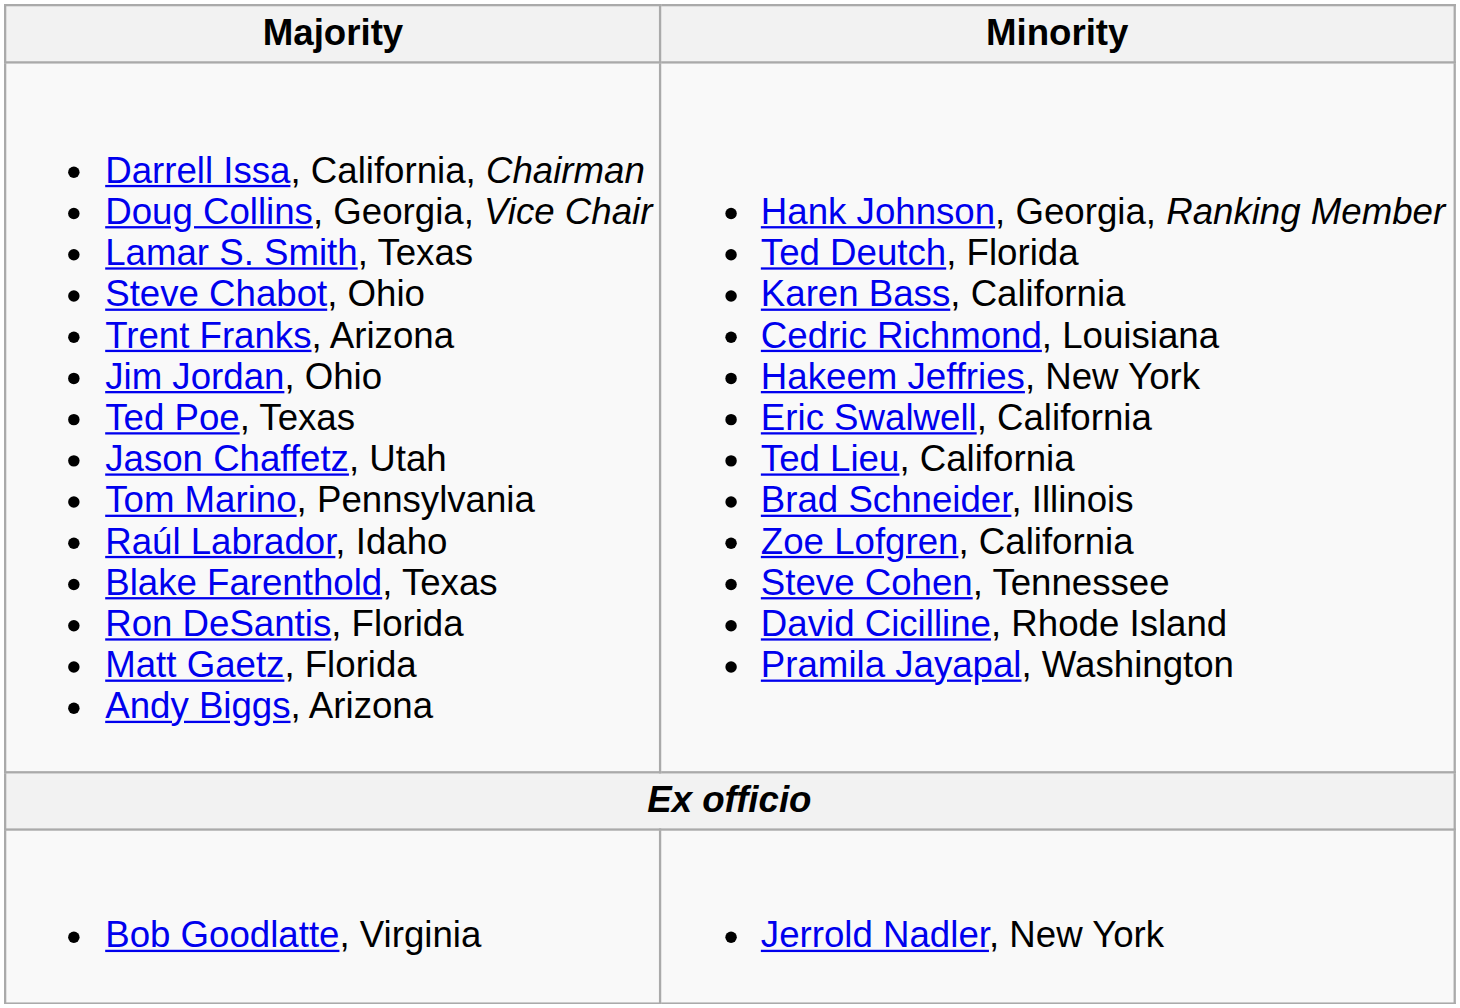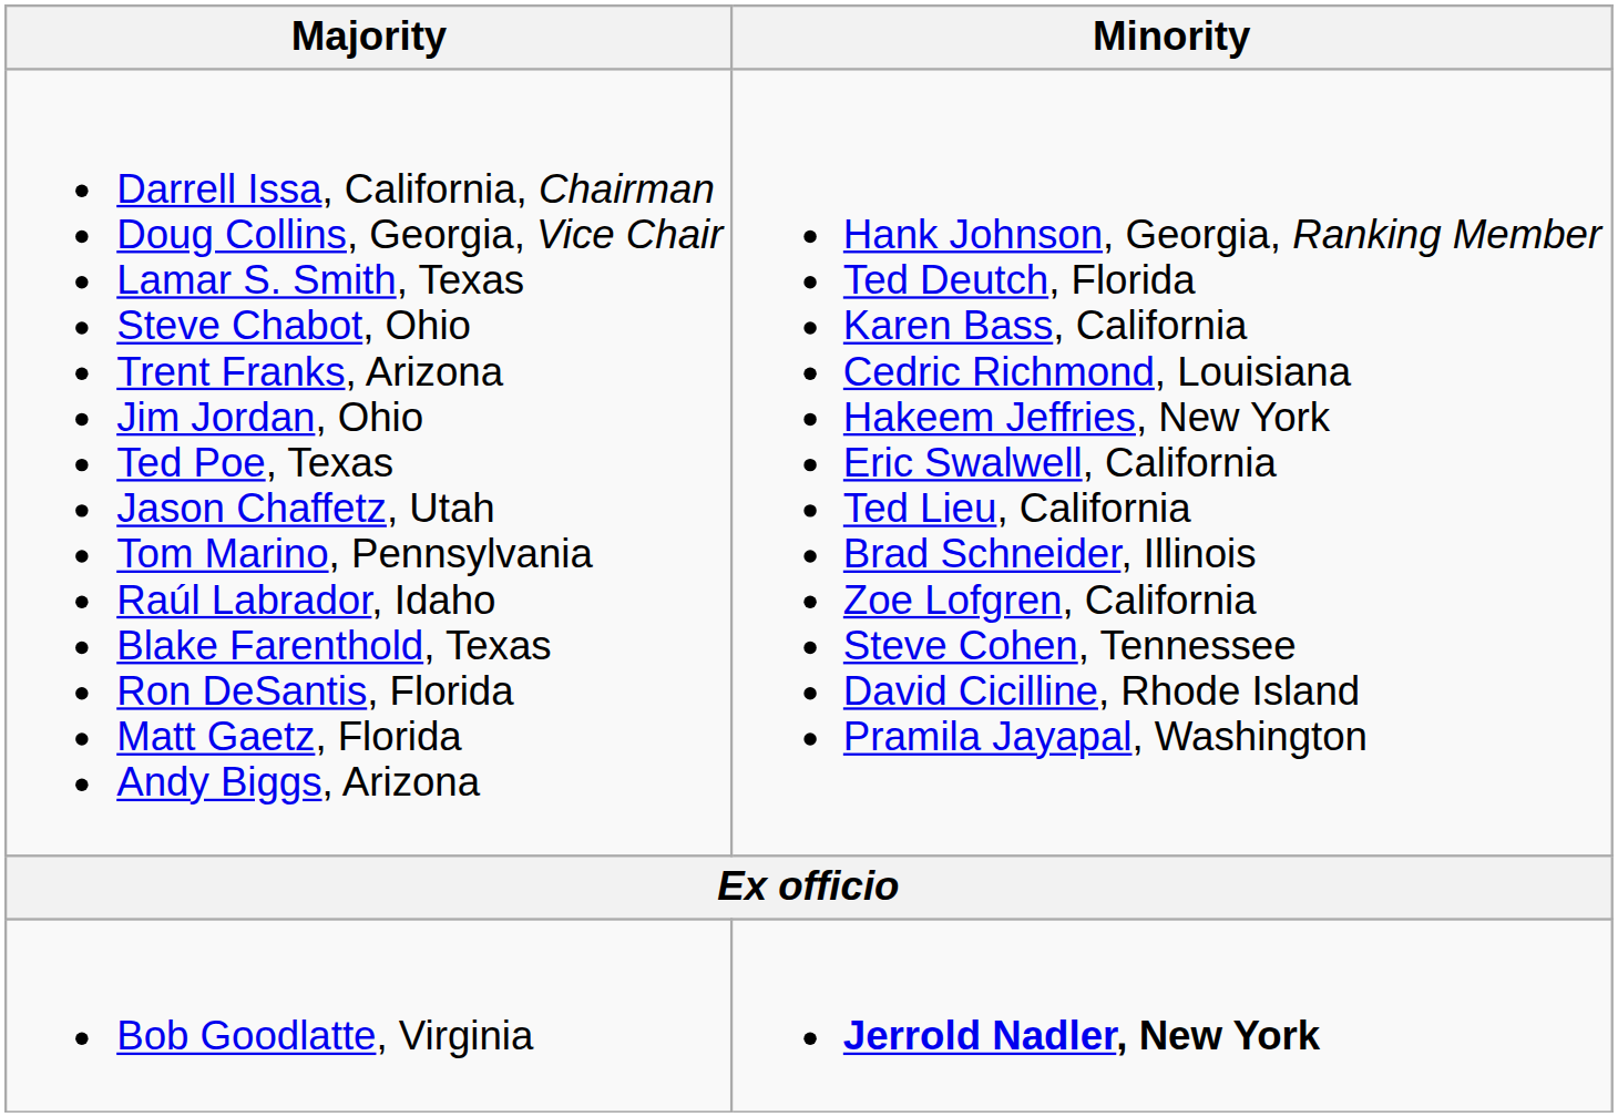 <table class=wikitable>
 <tr>
 <th>Majority</th>
 <th>Minority</th>
 </tr>
 <tr>
 <td><br><ul><li><a href='#'>Darrell Issa</a>, California, <em>Chairman</em></li><li><a href='#'>Doug Collins</a>, Georgia, <em>Vice Chair</em></li><li><a href='#'>Lamar S. Smith</a>, Texas</li><li><a href='#'>Steve Chabot</a>, Ohio</li><li><a href='#'>Trent Franks</a>, Arizona</li><li><a href='#'>Jim Jordan</a>, Ohio</li><li><a href='#'>Ted Poe</a>, Texas</li><li><a href='#'>Jason Chaffetz</a>, Utah</li><li><a href='#'>Tom Marino</a>, Pennsylvania</li><li><a href='#'>Raúl Labrador</a>, Idaho</li><li><a href='#'>Blake Farenthold</a>, Texas</li><li><a href='#'>Ron DeSantis</a>, Florida</li><li><a href='#'>Matt Gaetz</a>, Florida</li><li><a href='#'>Andy Biggs</a>, Arizona</li></ul></td>
 <td><br><ul><li><a href='#'>Hank Johnson</a>, Georgia, <em>Ranking Member</em></li><li><a href='#'>Ted Deutch</a>, Florida</li><li><a href='#'>Karen Bass</a>, California</li><li><a href='#'>Cedric Richmond</a>, Louisiana</li><li><a href='#'>Hakeem Jeffries</a>, New York</li><li><a href='#'>Eric Swalwell</a>, California</li><li><a href='#'>Ted Lieu</a>, California</li><li><a href='#'>Brad Schneider</a>, Illinois</li><li><a href='#'>Zoe Lofgren</a>, California</li><li><a href='#'>Steve Cohen</a>, Tennessee</li><li><a href='#'>David Cicilline</a>, Rhode Island</li><li><a href='#'>Pramila Jayapal</a>, Washington</li></ul></td>
 </tr>
 <tr>
 <th colspan=2><em>Ex officio</em></th>
 </tr>
 <tr>
 <td><br><ul><li><a href='#'>Bob Goodlatte</a>, Virginia</li></ul></td>
-<td><br><ul><li><a href='#'>Jerrold Nadler</a>, New York</li></ul></td>
+<td><strong><br><ul><li><a href='#'>Jerrold Nadler</a>, New York</li></ul></strong></td>
 </tr>
 </table>
